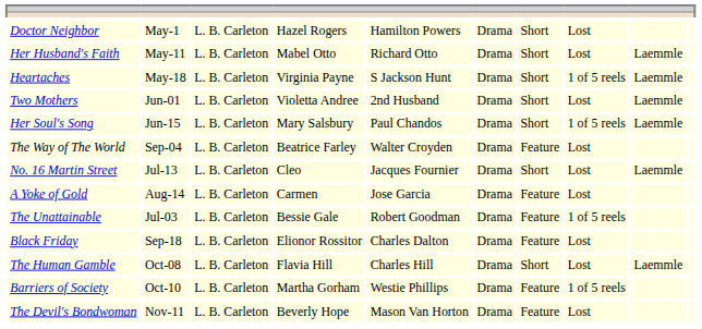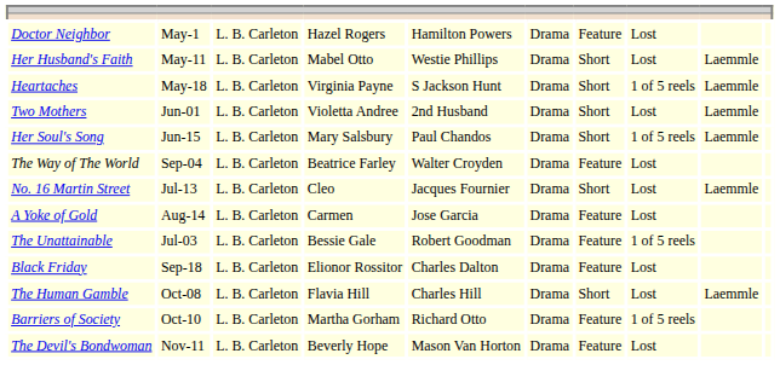 <table class="wikitable mw-collapsible mw-collapsed" style="background:lightyellow; border:2px solid gray;font-size:80%">
 <tr>
 <th colspan="18" style="border:1px solid #808080;background: lightgrey; "></th>
 </tr>
 <tr>
 <th style="border: 0px solid #FFFAF5; background:#F2E0CE"></th>
 <th style="border:0px solid #FFFAF5; background:#F2E0CE"></th>
 <th style="border:0px solid #FFFAF5; background:#F2E0CE"></th>
 <th style="border:0px solid #FFFAF5; background:#F2E0CE"></th>
 <th style="border:0px solid #FFFAF5; background:#F2E0CE"></th>
 <th style="border:0px solid #FFFAF5; background:#F2E0CE"></th>
 <th style="border:0px solid #FFFAF5; background:#F2E0CE"></th>
 <th style="border:0px solid #FFFAF5; background:#F2E0CE"></th>
 <th style="border:0px solid #FFFAF5; background:#F2E0CE"></th>
 <th style="border:0px solid #FFFAF5; background:#F2E0CE"></th>
 </tr>
 <tr>
 <td style="border:3px solid #FFFFFF"><em><a href='#'>Doctor Neighbor</a></em></td>
 <td style="border:3px solid #FFFFFF">May-1</td>
 <td style="border:3px solid #FFFFFF">L. B. Carleton</td>
 <td style="border:3px solid #FFFFFF">Hazel Rogers</td>
 <td style="border:3px solid #FFFFFF">Hamilton Powers</td>
 <td style="border:3px solid #FFFFFF">Drama</td>
-<td style="border:3px solid #FFFFFF">Short</td>
+<td style="border:3px solid #FFFFFF">Feature</td>
 <td style="border:3px solid #FFFFFF">Lost</td>
 <td style="border:3px solid #FFFFFF"></td>
 <td style="border:3px solid #FFFFFF"></td>
 </tr>
 <tr>
 <td style="border:3px solid #FFFFFF"><em><a href='#'>Her Husband's Faith</a></em></td>
 <td style="border:3px solid #FFFFFF">May-11</td>
 <td style="border:3px solid #FFFFFF">L. B. Carleton</td>
 <td style="border:3px solid #FFFFFF">Mabel Otto</td>
-<td style="border:3px solid #FFFFFF">Richard Otto</td>
+<td style="border:3px solid #FFFFFF">Westie Phillips</td>
 <td style="border:3px solid #FFFFFF">Drama</td>
 <td style="border:3px solid #FFFFFF">Short</td>
 <td style="border:3px solid #FFFFFF">Lost</td>
 <td style="border:3px solid #FFFFFF">Laemmle</td>
 <td style="border:3px solid #FFFFFF"></td>
 </tr>
 <tr>
 <td style="border:3px solid #FFFFFF"><em><a href='#'>Heartaches</a> </em></td>
 <td style="border:3px solid #FFFFFF">May-18</td>
 <td style="border:3px solid #FFFFFF">L. B. Carleton</td>
 <td style="border:3px solid #FFFFFF">Virginia Payne</td>
 <td style="border:3px solid #FFFFFF">S Jackson Hunt</td>
 <td style="border:3px solid #FFFFFF">Drama</td>
 <td style="border:3px solid #FFFFFF">Short</td>
 <td style="border:3px solid #FFFFFF">1 of 5 reels</td>
 <td style="border:3px solid #FFFFFF">Laemmle</td>
 <td style="border:3px solid #FFFFFF"></td>
 </tr>
 <tr>
 <td style="border:3px solid #FFFFFF"><em><a href='#'>Two Mothers</a></em></td>
 <td style="border:3px solid #FFFFFF">Jun-01</td>
 <td style="border:3px solid #FFFFFF">L. B. Carleton</td>
 <td style="border:3px solid #FFFFFF">Violetta Andree</td>
 <td style="border:3px solid #FFFFFF">2nd Husband</td>
 <td style="border:3px solid #FFFFFF">Drama</td>
 <td style="border:3px solid #FFFFFF">Short</td>
 <td style="border:3px solid #FFFFFF">Lost</td>
 <td style="border:3px solid #FFFFFF">Laemmle</td>
 <td style="border:3px solid #FFFFFF"></td>
 </tr>
 <tr>
 <td style="border:3px solid #FFFFFF"><em><a href='#'>Her Soul's Song</a></em></td>
 <td style="border:3px solid #FFFFFF">Jun-15</td>
 <td style="border:3px solid #FFFFFF">L. B. Carleton</td>
 <td style="border:3px solid #FFFFFF">Mary Salsbury</td>
 <td style="border:3px solid #FFFFFF">Paul Chandos</td>
 <td style="border:3px solid #FFFFFF">Drama</td>
 <td style="border:3px solid #FFFFFF">Short</td>
 <td style="border:3px solid #FFFFFF">1 of 5 reels</td>
 <td style="border:3px solid #FFFFFF">Laemmle</td>
 <td style="border:3px solid #FFFFFF"></td>
 </tr>
 <tr>
 <td style="border:3px solid #FFFFFF"><em>The Way of The World</em></td>
 <td style="border:3px solid #FFFFFF">Sep-04</td>
 <td style="border:3px solid #FFFFFF">L. B. Carleton</td>
 <td style="border:3px solid #FFFFFF">Beatrice Farley</td>
 <td style="border:3px solid #FFFFFF">Walter Croyden</td>
 <td style="border:3px solid #FFFFFF">Drama</td>
 <td style="border:3px solid #FFFFFF">Feature</td>
 <td style="border:3px solid #FFFFFF">Lost</td>
 <td style="border:3px solid #FFFFFF"></td>
 <td style="border:3px solid #FFFFFF"></td>
 </tr>
 <tr>
 <td style="border:3px solid #FFFFFF"><em><a href='#'>No. 16 Martin Street</a></em></td>
 <td style="border:3px solid #FFFFFF">Jul-13</td>
 <td style="border:3px solid #FFFFFF">L. B. Carleton</td>
 <td style="border:3px solid #FFFFFF">Cleo</td>
 <td style="border:3px solid #FFFFFF">Jacques Fournier</td>
 <td style="border:3px solid #FFFFFF">Drama</td>
 <td style="border:3px solid #FFFFFF">Short</td>
 <td style="border:3px solid #FFFFFF">Lost</td>
 <td style="border:3px solid #FFFFFF">Laemmle</td>
 <td style="border:3px solid #FFFFFF"></td>
 </tr>
 <tr>
 <td style="border:3px solid #FFFFFF"><em><a href='#'>A Yoke of Gold</a></em></td>
 <td style="border:3px solid #FFFFFF">Aug-14</td>
 <td style="border:3px solid #FFFFFF">L. B. Carleton</td>
 <td style="border:3px solid #FFFFFF">Carmen</td>
 <td style="border:3px solid #FFFFFF">Jose Garcia</td>
 <td style="border:3px solid #FFFFFF">Drama</td>
 <td style="border:3px solid #FFFFFF">Feature</td>
 <td style="border:3px solid #FFFFFF">Lost</td>
 <td style="border:3px solid #FFFFFF"></td>
 <td style="border:3px solid #FFFFFF"></td>
 </tr>
 <tr>
 <td style="border:3px solid #FFFFFF"><em><a href='#'>The Unattainable</a></em></td>
 <td style="border:3px solid #FFFFFF">Jul-03</td>
 <td style="border:3px solid #FFFFFF">L. B. Carleton</td>
 <td style="border:3px solid #FFFFFF">Bessie Gale</td>
 <td style="border:3px solid #FFFFFF">Robert Goodman</td>
 <td style="border:3px solid #FFFFFF">Drama</td>
 <td style="border:3px solid #FFFFFF">Feature</td>
 <td style="border:3px solid #FFFFFF">1 of 5 reels</td>
 <td style="border:3px solid #FFFFFF"></td>
 <td style="border:3px solid #FFFFFF"></td>
 </tr>
 <tr>
 <td style="border:3px solid #FFFFFF"><em><a href='#'>Black Friday</a></em></td>
 <td style="border:3px solid #FFFFFF">Sep-18</td>
 <td style="border:3px solid #FFFFFF">L. B. Carleton</td>
 <td style="border:3px solid #FFFFFF">Elionor Rossitor</td>
 <td style="border:3px solid #FFFFFF">Charles Dalton</td>
 <td style="border:3px solid #FFFFFF">Drama</td>
 <td style="border:3px solid #FFFFFF">Feature</td>
 <td style="border:3px solid #FFFFFF">Lost</td>
 <td style="border:3px solid #FFFFFF"></td>
 <td style="border:3px solid #FFFFFF"></td>
 </tr>
 <tr>
 <td style="border:3px solid #FFFFFF"><em><a href='#'>The Human Gamble</a></em></td>
 <td style="border:3px solid #FFFFFF">Oct-08</td>
 <td style="border:3px solid #FFFFFF">L. B. Carleton</td>
 <td style="border:3px solid #FFFFFF">Flavia Hill</td>
 <td style="border:3px solid #FFFFFF">Charles Hill</td>
 <td style="border:3px solid #FFFFFF">Drama</td>
 <td style="border:3px solid #FFFFFF">Short</td>
 <td style="border:3px solid #FFFFFF">Lost</td>
 <td style="border:3px solid #FFFFFF">Laemmle</td>
 <td style="border:3px solid #FFFFFF"></td>
 </tr>
 <tr>
 <td style="border:3px solid #FFFFFF"><em><a href='#'>Barriers of Society</a></em></td>
 <td style="border:3px solid #FFFFFF">Oct-10</td>
 <td style="border:3px solid #FFFFFF">L. B. Carleton</td>
 <td style="border:3px solid #FFFFFF">Martha Gorham</td>
-<td style="border:3px solid #FFFFFF">Westie Phillips</td>
+<td style="border:3px solid #FFFFFF">Richard Otto</td>
 <td style="border:3px solid #FFFFFF">Drama</td>
 <td style="border:3px solid #FFFFFF">Feature</td>
 <td style="border:3px solid #FFFFFF">1 of 5 reels</td>
 <td style="border:3px solid #FFFFFF"></td>
 <td style="border:3px solid #FFFFFF"></td>
 </tr>
 <tr>
 <td style="border:3px solid #FFFFFF"><em><a href='#'>The Devil's Bondwoman</a></em></td>
 <td style="border:3px solid #FFFFFF">Nov-11</td>
 <td style="border:3px solid #FFFFFF">L. B. Carleton</td>
 <td style="border:3px solid #FFFFFF">Beverly Hope</td>
 <td style="border:3px solid #FFFFFF">Mason Van Horton</td>
 <td style="border:3px solid #FFFFFF">Drama</td>
 <td style="border:3px solid #FFFFFF">Feature</td>
 <td style="border:3px solid #FFFFFF">Lost</td>
 <td style="border:3px solid #FFFFFF"></td>
 <td style="border:3px solid #FFFFFF"></td>
 </tr>
 </table>
